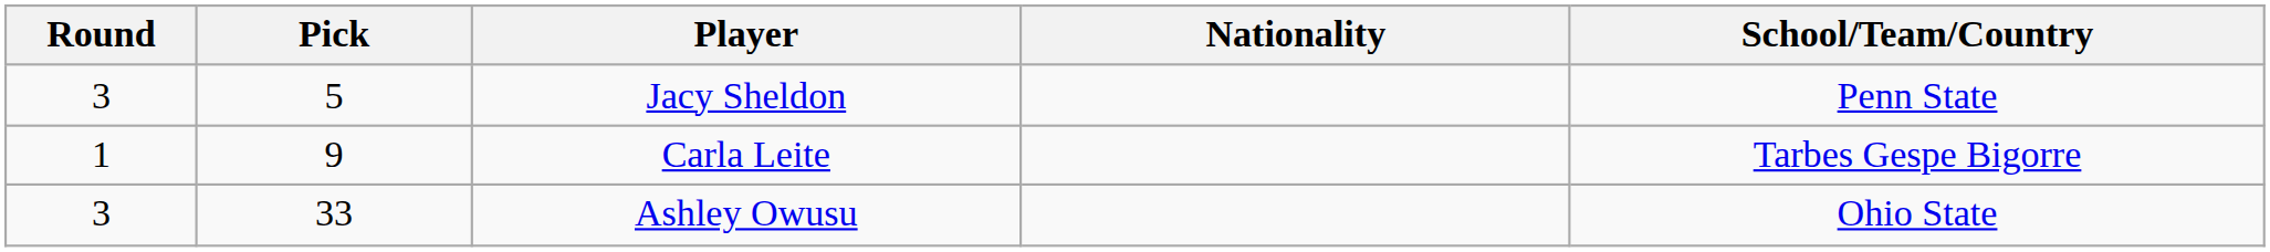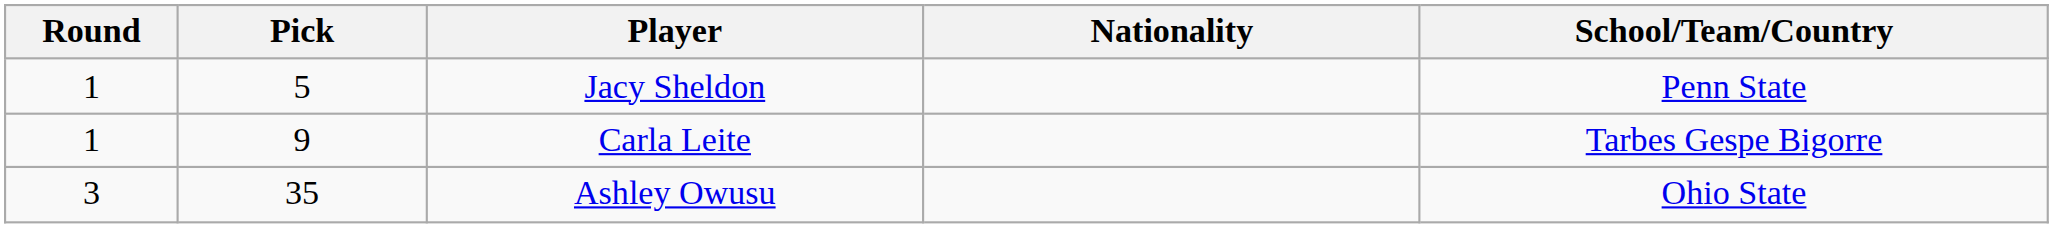 <table class="wikitable" style="text-align:center; width:60em">
 <tr>
 <th width="2%">Round</th>
 <th width="5%">Pick</th>
 <th width="10%">Player</th>
 <th width="10%">Nationality</th>
 <th width="10%">School/Team/Country</th>
 </tr>
 <tr>
-<td>3</td>
+<td>1</td>
 <td>5</td>
 <td><a href='#'>Jacy Sheldon</a></td>
 <td></td>
 <td><a href='#'>Penn State</a></td>
 </tr>
 <tr>
 <td>1</td>
 <td>9</td>
 <td><a href='#'>Carla Leite</a></td>
 <td></td>
 <td><a href='#'>Tarbes Gespe Bigorre</a> </td>
 </tr>
 <tr>
 <td>3</td>
-<td>33</td>
+<td>35</td>
 <td><a href='#'>Ashley Owusu</a></td>
 <td></td>
 <td><a href='#'>Ohio State</a></td>
 </tr>
 </table>
